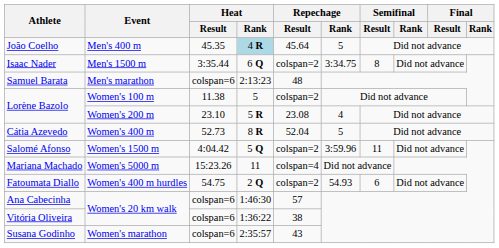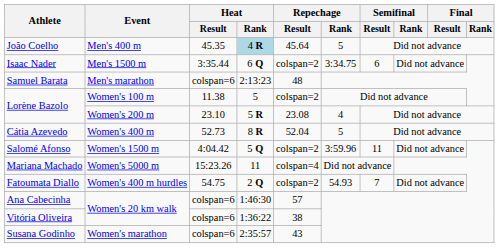 <table class="wikitable" style="font-size:90%">
 <tr>
 <th rowspan="2">Athlete</th>
 <th rowspan="2">Event</th>
 <th colspan="2">Heat</th>
 <th colspan="2">Repechage</th>
 <th colspan="2">Semifinal</th>
 <th colspan="2">Final</th>
 </tr>
 <tr style="font-size:95%">
 <th>Result</th>
 <th>Rank</th>
 <th>Result</th>
 <th>Rank</th>
 <th>Result</th>
 <th>Rank</th>
 <th>Result</th>
 <th>Rank</th>
 </tr>
 <tr align=center>
 <td align=left><a href='#'>João Coelho</a></td>
 <td align=left><a href='#'>Men's 400 m</a></td>
 <td>45.35</td>
 <td style="background: lightblue;">4 <strong>R</strong></td>
 <td>45.64</td>
 <td>5</td>
 <td colspan=4>Did not advance</td>
 </tr>
 <tr align=center>
 <td align=left><a href='#'>Isaac Nader</a></td>
 <td align=left><a href='#'>Men's 1500 m</a></td>
 <td>3:35.44</td>
 <td>6 <strong>Q</strong></td>
 <td>colspan=2 </td>
 <td>3:34.75</td>
-<td>8</td>
+<td>6</td>
 <td colspan=2>Did not advance</td>
 </tr>
 <tr align=center>
 <td align=left><a href='#'>Samuel Barata</a></td>
 <td align=left><a href='#'>Men's marathon</a></td>
 <td>colspan=6 </td>
 <td>2:13:23 <strong></strong></td>
 <td>48</td>
 </tr>
 <tr align=center>
 <td align=left rowspan=2><a href='#'>Lorène Bazolo</a></td>
 <td align=left><a href='#'>Women's 100 m</a></td>
 <td>11.38</td>
 <td>5</td>
 <td>colspan=2 </td>
 <td colspan=4>Did not advance</td>
 </tr>
 <tr align=center>
 <td align=left><a href='#'>Women's 200 m</a></td>
 <td>23.10</td>
 <td>5 <strong>R</strong></td>
 <td>23.08</td>
 <td>4</td>
 <td colspan=4>Did not advance</td>
 </tr>
 <tr align=center>
 <td align=left><a href='#'>Cátia Azevedo</a></td>
 <td align=left><a href='#'>Women's 400 m</a></td>
 <td>52.73</td>
 <td>8 <strong>R</strong></td>
 <td>52.04 <strong></strong></td>
 <td>5</td>
 <td colspan=4>Did not advance</td>
 </tr>
 <tr align=center>
 <td align=left><a href='#'>Salomé Afonso</a></td>
 <td align=left><a href='#'>Women's 1500 m</a></td>
 <td>4:04.42</td>
 <td>5 <strong>Q</strong></td>
 <td>colspan=2 </td>
 <td>3:59.96 <strong></strong></td>
 <td>11</td>
 <td colspan=2>Did not advance</td>
 </tr>
 <tr align=center>
 <td align=left><a href='#'>Mariana Machado</a></td>
 <td align=left><a href='#'>Women's 5000 m</a></td>
 <td>15:23.26</td>
 <td>11</td>
 <td>colspan=4 </td>
 <td colspan=2>Did not advance</td>
 </tr>
 <tr align=center>
 <td align=left><a href='#'>Fatoumata Diallo</a></td>
 <td align=left><a href='#'>Women's 400 m hurdles</a></td>
 <td>54.75</td>
 <td>2 <strong>Q</strong></td>
 <td>colspan=2 </td>
 <td>54.93</td>
-<td>6</td>
+<td>7</td>
 <td colspan=2>Did not advance</td>
 </tr>
 <tr align=center>
 <td align=left><a href='#'>Ana Cabecinha</a></td>
 <td align=left rowspan=2><a href='#'>Women's 20 km walk</a></td>
 <td>colspan=6 </td>
 <td>1:46:30</td>
 <td>57</td>
 </tr>
 <tr align=center>
 <td align=left><a href='#'>Vitória Oliveira</a></td>
 <td>colspan=6 </td>
 <td>1:36:22</td>
 <td>38</td>
 </tr>
 <tr align=center>
 <td align=left><a href='#'>Susana Godinho</a></td>
 <td align=left><a href='#'>Women's marathon</a></td>
 <td>colspan=6 </td>
 <td>2:35:57 <strong></strong></td>
 <td>43</td>
 </tr>
 </table>
